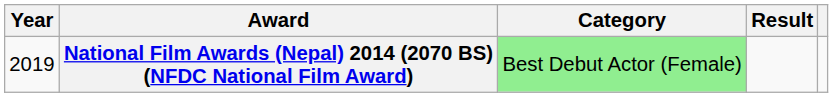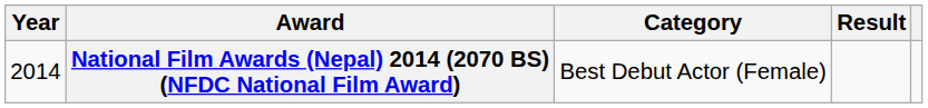 <table class="wikitable sortable plainrowheaders">
 <tr>
 <th scope="col">Year</th>
 <th scope="col">Award</th>
 <th scope="col">Category</th>
 <th scope="col">Result</th>
 <th scope="col" class="unsortable"></th>
 </tr>
 <tr>
-<td>2019</td>
+<td>2014</td>
 <th scope="row"><a href='#'>National Film Awards (Nepal)</a> 2014 (2070 BS)<br>(<a href='#'>NFDC National Film Award</a>)</th>
-<td style="background: lightgreen;">Best Debut Actor (Female)</td>
+<td>Best Debut Actor (Female)</td>
 <td></td>
 <td style="text-align:center;"></td>
 </tr>
 </table>
